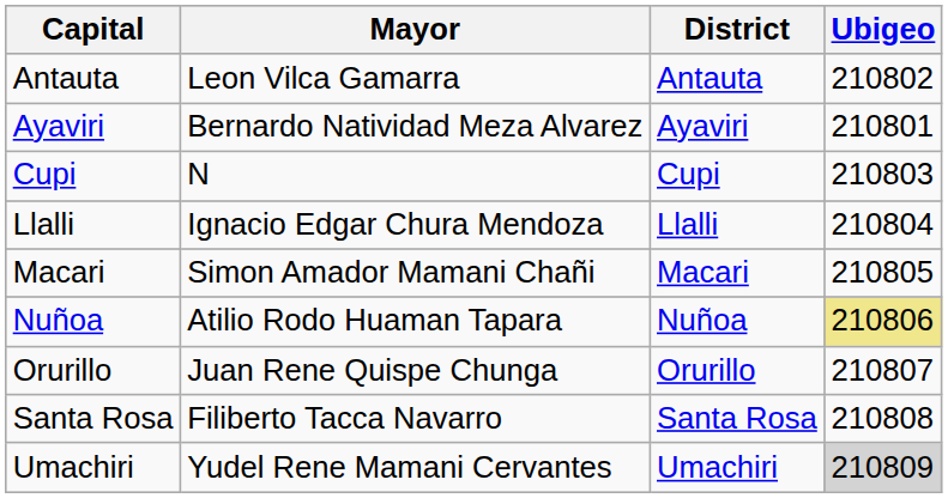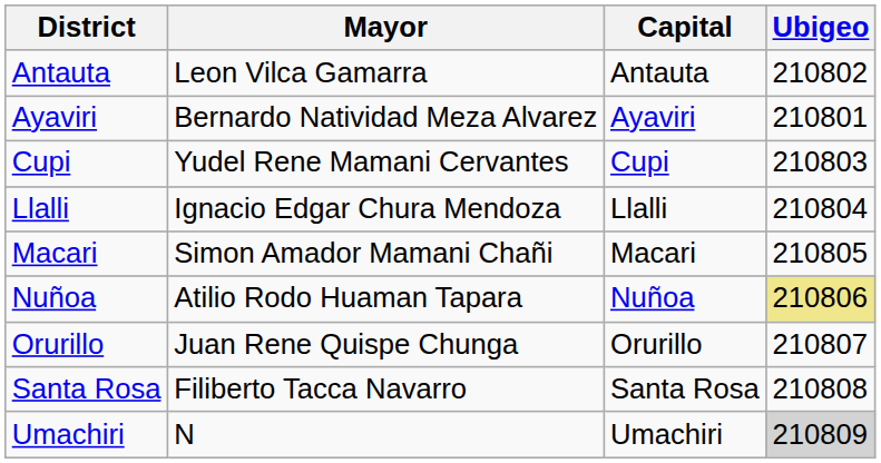 <table class="wikitable sortable">
 <tr>
+<th>District</th>
+<th>Mayor</th>
 <th>Capital</th>
-<th>Mayor</th>
-<th>District</th>
 <th><a href='#'>Ubigeo</a></th>
 </tr>
 <tr>
+<td><a href='#'>Antauta</a></td>
+<td>Leon Vilca Gamarra</td>
 <td>Antauta</td>
-<td>Leon Vilca Gamarra</td>
-<td><a href='#'>Antauta</a></td>
 <td>210802</td>
 </tr>
 <tr>
 <td><a href='#'>Ayaviri</a></td>
 <td>Bernardo Natividad Meza Alvarez</td>
 <td><a href='#'>Ayaviri</a></td>
 <td>210801</td>
 </tr>
 <tr>
 <td><a href='#'>Cupi</a></td>
-<td>N</td>
+<td>Yudel Rene Mamani Cervantes</td>
 <td><a href='#'>Cupi</a></td>
 <td>210803</td>
 </tr>
 <tr>
+<td><a href='#'>Llalli</a></td>
+<td>Ignacio Edgar Chura Mendoza</td>
 <td>Llalli</td>
-<td>Ignacio Edgar Chura Mendoza</td>
-<td><a href='#'>Llalli</a></td>
 <td>210804</td>
 </tr>
 <tr>
+<td><a href='#'>Macari</a></td>
+<td>Simon Amador Mamani Chañi</td>
 <td>Macari</td>
-<td>Simon Amador Mamani Chañi</td>
-<td><a href='#'>Macari</a></td>
 <td>210805</td>
 </tr>
 <tr>
 <td><a href='#'>Nuñoa</a></td>
 <td>Atilio Rodo Huaman Tapara</td>
 <td><a href='#'>Nuñoa</a></td>
 <td style="background: khaki;">210806</td>
 </tr>
 <tr>
+<td><a href='#'>Orurillo</a></td>
+<td>Juan Rene Quispe Chunga</td>
 <td>Orurillo</td>
-<td>Juan Rene Quispe Chunga</td>
-<td><a href='#'>Orurillo</a></td>
 <td>210807</td>
 </tr>
 <tr>
+<td><a href='#'>Santa Rosa</a></td>
+<td>Filiberto Tacca Navarro</td>
 <td>Santa Rosa</td>
-<td>Filiberto Tacca Navarro</td>
-<td><a href='#'>Santa Rosa</a></td>
 <td>210808</td>
 </tr>
 <tr>
+<td><a href='#'>Umachiri</a></td>
+<td>N</td>
 <td>Umachiri</td>
-<td>Yudel Rene Mamani Cervantes</td>
-<td><a href='#'>Umachiri</a></td>
 <td style="background: lightgrey;">210809</td>
 </tr>
 </table>
